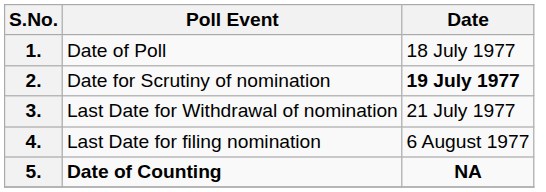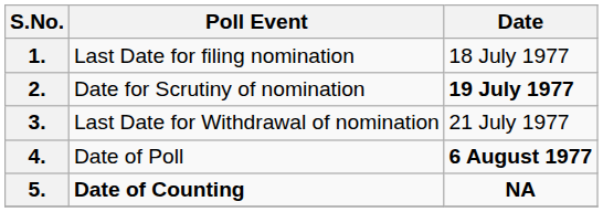 <table class="wikitable sortable">
 <tr>
 <th>S.No.</th>
 <th>Poll Event</th>
 <th>Date</th>
 </tr>
 <tr>
 <th>1.</th>
-<td>Date of Poll</td>
+<td>Last Date for filing nomination</td>
 <td>18 July 1977</td>
 </tr>
 <tr>
 <th>2.</th>
 <td>Date for Scrutiny of nomination</td>
 <td><strong>19 July 1977</strong></td>
 </tr>
 <tr>
 <th>3.</th>
 <td>Last Date for Withdrawal of nomination</td>
 <td>21 July 1977</td>
 </tr>
 <tr>
 <th>4.</th>
-<td>Last Date for filing nomination</td>
-<td>6 August 1977</td>
+<td>Date of Poll</td>
+<td><strong>6 August 1977</strong></td>
 </tr>
 <tr>
 <th>5.</th>
 <td><strong>Date of Counting</strong></td>
 <td colspan="2" style="text-align:center"><strong>NA</strong></td>
 </tr>
 <tr>
 </tr>
 </table>
